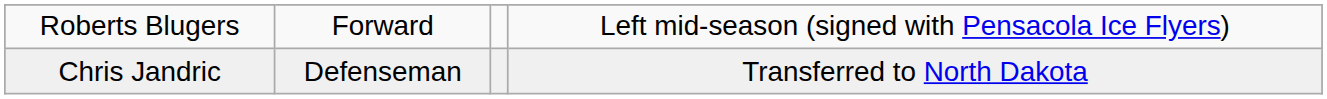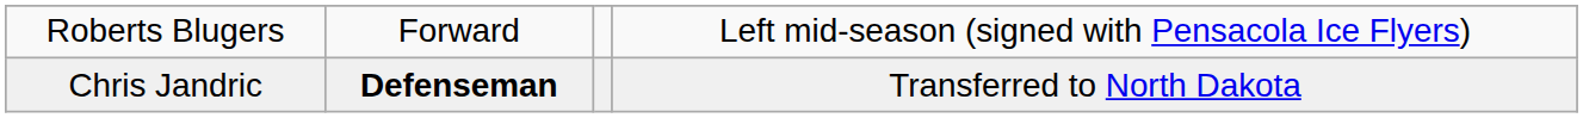 <table class="wikitable" width="60%">
 <tr align="center" bgcolor="">
 <td>Roberts Blugers</td>
 <td>Forward</td>
 <td></td>
 <td>Left mid-season (signed with <a href='#'>Pensacola Ice Flyers</a>)</td>
 </tr>
 <tr align="center" bgcolor="f0f0f0">
 <td>Chris Jandric</td>
-<td>Defenseman</td>
+<td><strong>Defenseman</strong></td>
 <td></td>
 <td>Transferred to <a href='#'>North Dakota</a></td>
 </tr>
 </table>
